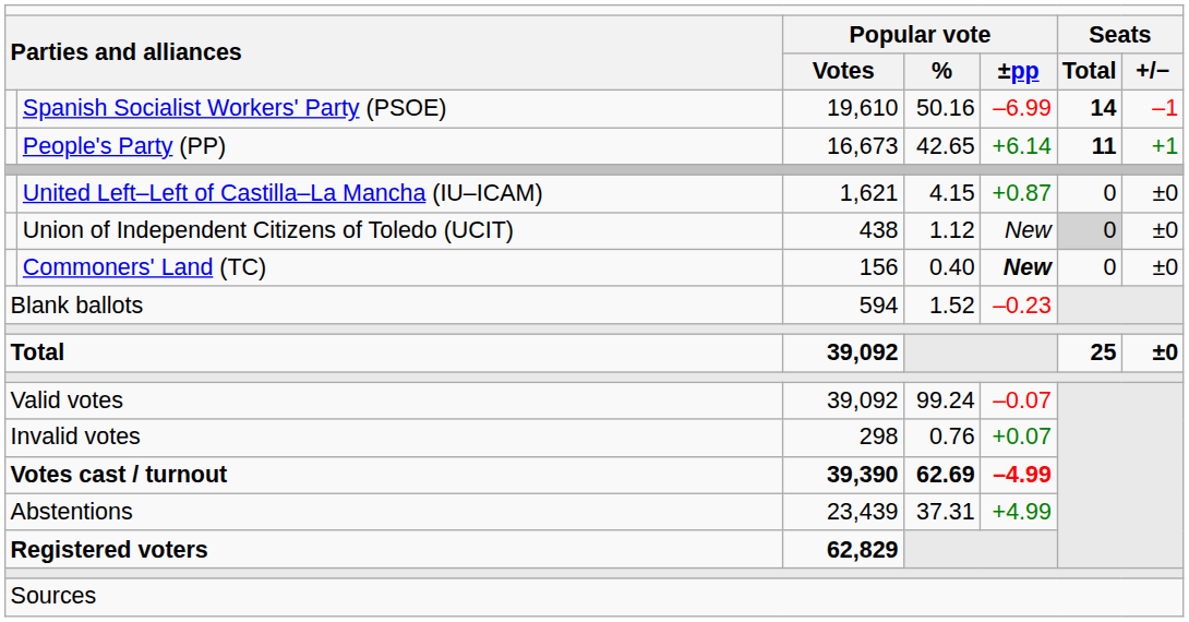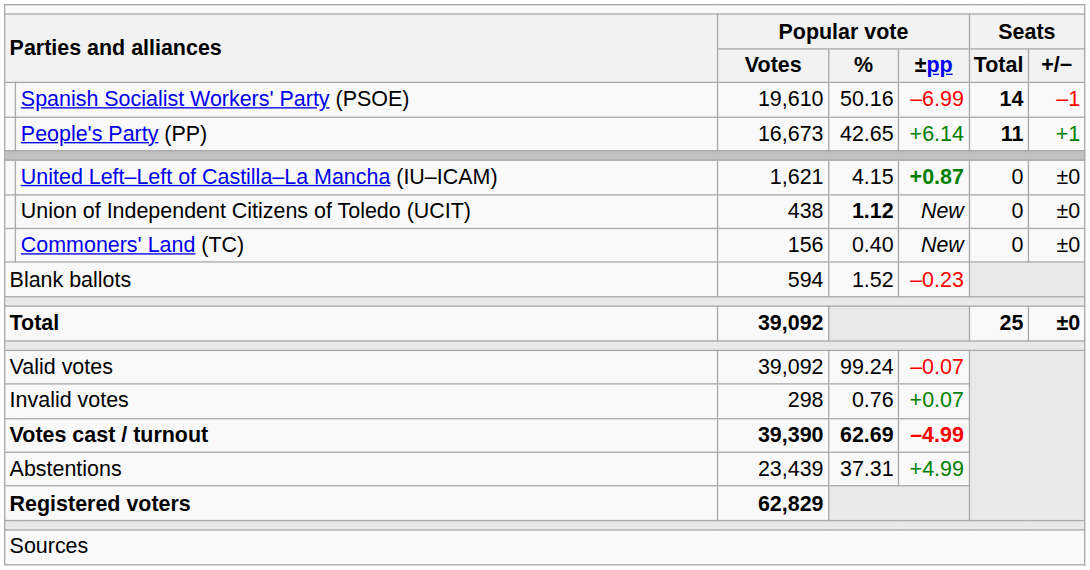 <table class="wikitable" style="text-align:right;">
 <tr>
 <td colspan="7"></td>
 </tr>
 <tr>
 <th style="text-align:left;" rowspan="2" colspan="2" width="525">Parties and alliances</th>
 <th colspan="3">Popular vote</th>
 <th colspan="2">Seats</th>
 </tr>
 <tr>
 <th width="75">Votes</th>
 <th width="45">%</th>
 <th width="45">±<a href='#'>pp</a></th>
 <th width="35">Total</th>
 <th width="35">+/−</th>
 </tr>
 <tr>
 <td width="1" style="color:inherit;background:"></td>
 <td align="left"><a href='#'>Spanish Socialist Workers' Party</a> (PSOE)</td>
 <td>19,610</td>
 <td>50.16</td>
 <td style="color:red;">–6.99</td>
 <td><strong>14</strong></td>
 <td style="color:red;">–1</td>
 </tr>
 <tr>
 <td style="color:inherit;background:"></td>
 <td align="left"><a href='#'>People's Party</a> (PP)</td>
 <td>16,673</td>
 <td>42.65</td>
 <td style="color:green;">+6.14</td>
 <td><strong>11</strong></td>
 <td style="color:green;">+1</td>
 </tr>
 <tr>
 <td colspan="7" bgcolor="#C0C0C0"></td>
 </tr>
 <tr>
 <td style="color:inherit;background:"></td>
 <td align="left"><a href='#'>United Left–Left of Castilla–La Mancha</a> (IU–ICAM)</td>
 <td>1,621</td>
 <td>4.15</td>
-<td style="color:green;">+0.87</td>
+<td style="color:green;"><strong>+0.87</strong></td>
 <td>0</td>
 <td>±0</td>
 </tr>
 <tr>
 <td style="color:inherit;background:"></td>
 <td align="left">Union of Independent Citizens of Toledo (UCIT)</td>
 <td>438</td>
-<td>1.12</td>
+<td><strong>1.12</strong></td>
 <td><em>New</em></td>
-<td style="background: lightgrey;">0</td>
+<td>0</td>
 <td>±0</td>
 </tr>
 <tr>
 <td style="color:inherit;background:"></td>
 <td align="left"><a href='#'>Commoners' Land</a> (TC)</td>
 <td>156</td>
 <td>0.40</td>
-<td><strong><em>New</em></strong></td>
+<td><em>New</em></td>
 <td>0</td>
 <td>±0</td>
 </tr>
 <tr>
 <td align="left" colspan="2">Blank ballots</td>
 <td>594</td>
 <td>1.52</td>
 <td style="color:red;">–0.23</td>
 <td bgcolor="#E9E9E9" colspan="2"></td>
 </tr>
 <tr>
 <td colspan="7" bgcolor="#E9E9E9"></td>
 </tr>
 <tr style="font-weight:bold;">
 <td align="left" colspan="2">Total</td>
 <td>39,092</td>
 <td bgcolor="#E9E9E9" colspan="2"></td>
 <td>25</td>
 <td>±0</td>
 </tr>
 <tr>
 <td colspan="7" bgcolor="#E9E9E9"></td>
 </tr>
 <tr>
 <td align="left" colspan="2">Valid votes</td>
 <td>39,092</td>
 <td>99.24</td>
 <td style="color:red;">–0.07</td>
 <td bgcolor="#E9E9E9" colspan="2" rowspan="5"></td>
 </tr>
 <tr>
 <td align="left" colspan="2">Invalid votes</td>
 <td>298</td>
 <td>0.76</td>
 <td style="color:green;">+0.07</td>
 </tr>
 <tr style="font-weight:bold;">
 <td align="left" colspan="2">Votes cast / turnout</td>
 <td>39,390</td>
 <td>62.69</td>
 <td style="color:red;">–4.99</td>
 </tr>
 <tr>
 <td align="left" colspan="2">Abstentions</td>
 <td>23,439</td>
 <td>37.31</td>
 <td style="color:green;">+4.99</td>
 </tr>
 <tr style="font-weight:bold;">
 <td align="left" colspan="2">Registered voters</td>
 <td>62,829</td>
 <td bgcolor="#E9E9E9" colspan="2"></td>
 </tr>
 <tr>
 <td colspan="7" bgcolor="#E9E9E9"></td>
 </tr>
 <tr>
 <td align="left" colspan="7">Sources</td>
 </tr>
 </table>
